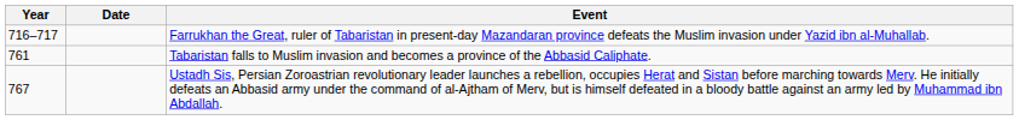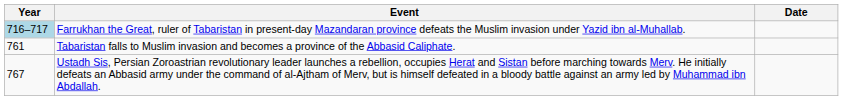 <table class="wikitable" width="100%">
 <tr>
 <th style="width:6%">Year</th>
+<th>Event</th>
 <th style="width:10%">Date</th>
-<th>Event</th>
 </tr>
 <tr>
-<td>716–717</td>
+<td style="background: lightblue;">716–717</td>
+<td><a href='#'>Farrukhan the Great</a>, ruler of <a href='#'>Tabaristan</a> in present-day <a href='#'>Mazandaran province</a> defeats the Muslim invasion under <a href='#'>Yazid ibn al-Muhallab</a>.</td>
 <td></td>
-<td><a href='#'>Farrukhan the Great</a>, ruler of <a href='#'>Tabaristan</a> in present-day <a href='#'>Mazandaran province</a> defeats the Muslim invasion under <a href='#'>Yazid ibn al-Muhallab</a>.</td>
 </tr>
 <tr>
 <td>761</td>
+<td><a href='#'>Tabaristan</a> falls to Muslim invasion and becomes a province of the <a href='#'>Abbasid Caliphate</a>.</td>
 <td></td>
-<td><a href='#'>Tabaristan</a> falls to Muslim invasion and becomes a province of the <a href='#'>Abbasid Caliphate</a>.</td>
 </tr>
 <tr>
 <td>767</td>
+<td><a href='#'>Ustadh Sis</a>, Persian Zoroastrian revolutionary leader launches a rebellion, occupies <a href='#'>Herat</a> and <a href='#'>Sistan</a> before marching towards <a href='#'>Merv</a>. He initially defeats an Abbasid army under the command of al-Ajtham of Merv, but is himself defeated in a bloody battle against an army led by <a href='#'>Muhammad ibn Abdallah</a>.</td>
 <td></td>
-<td><a href='#'>Ustadh Sis</a>, Persian Zoroastrian revolutionary leader launches a rebellion, occupies <a href='#'>Herat</a> and <a href='#'>Sistan</a> before marching towards <a href='#'>Merv</a>. He initially defeats an Abbasid army under the command of al-Ajtham of Merv, but is himself defeated in a bloody battle against an army led by <a href='#'>Muhammad ibn Abdallah</a>.</td>
 </tr>
 </table>
